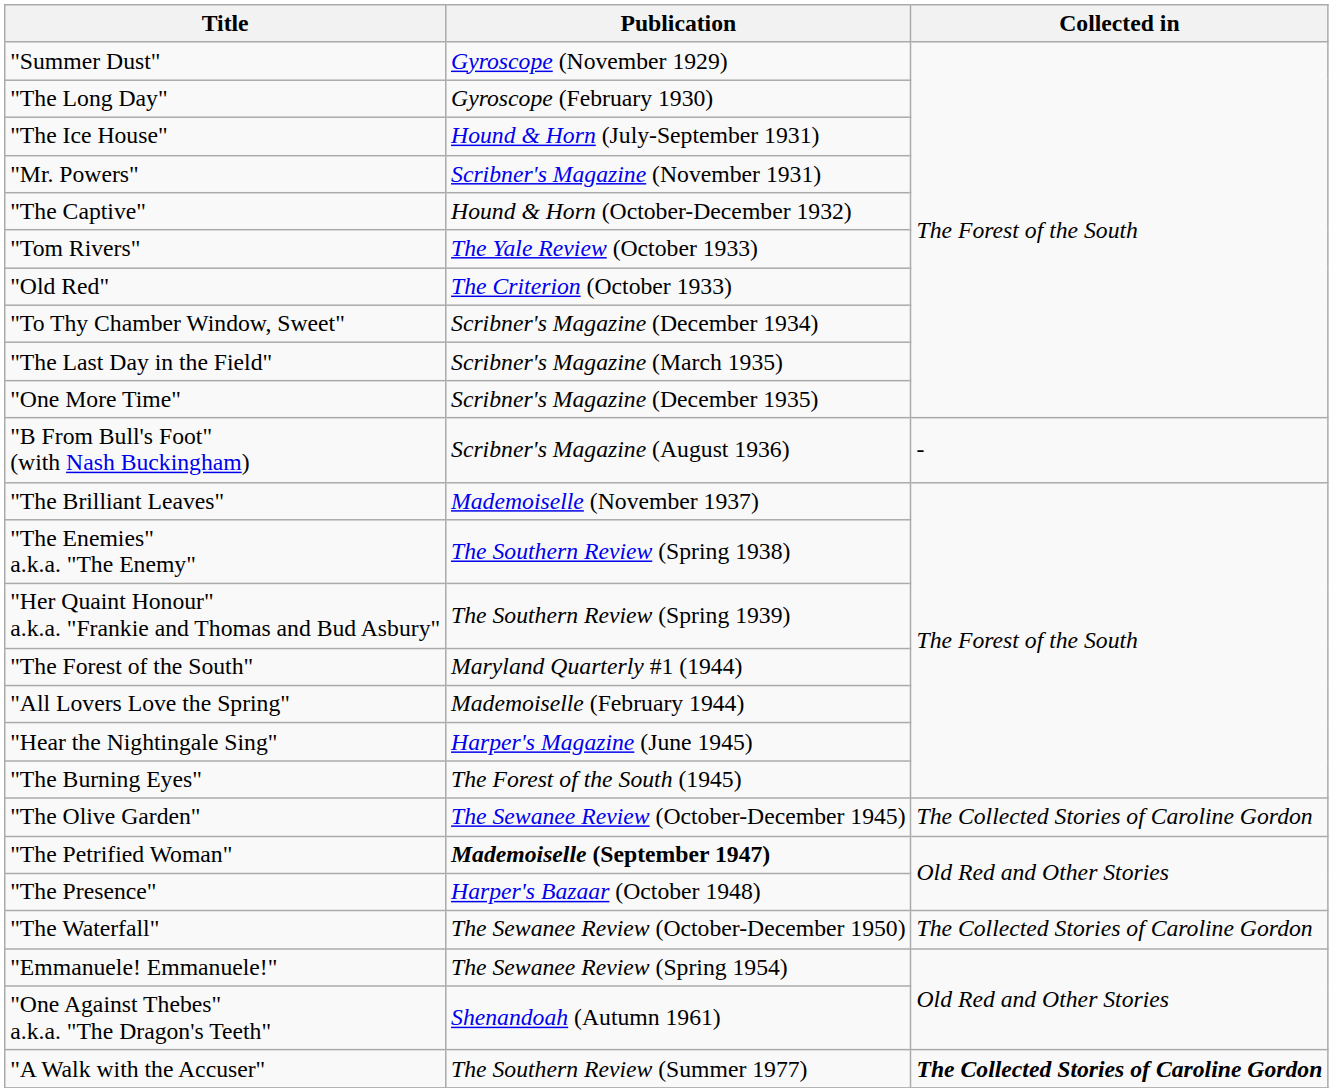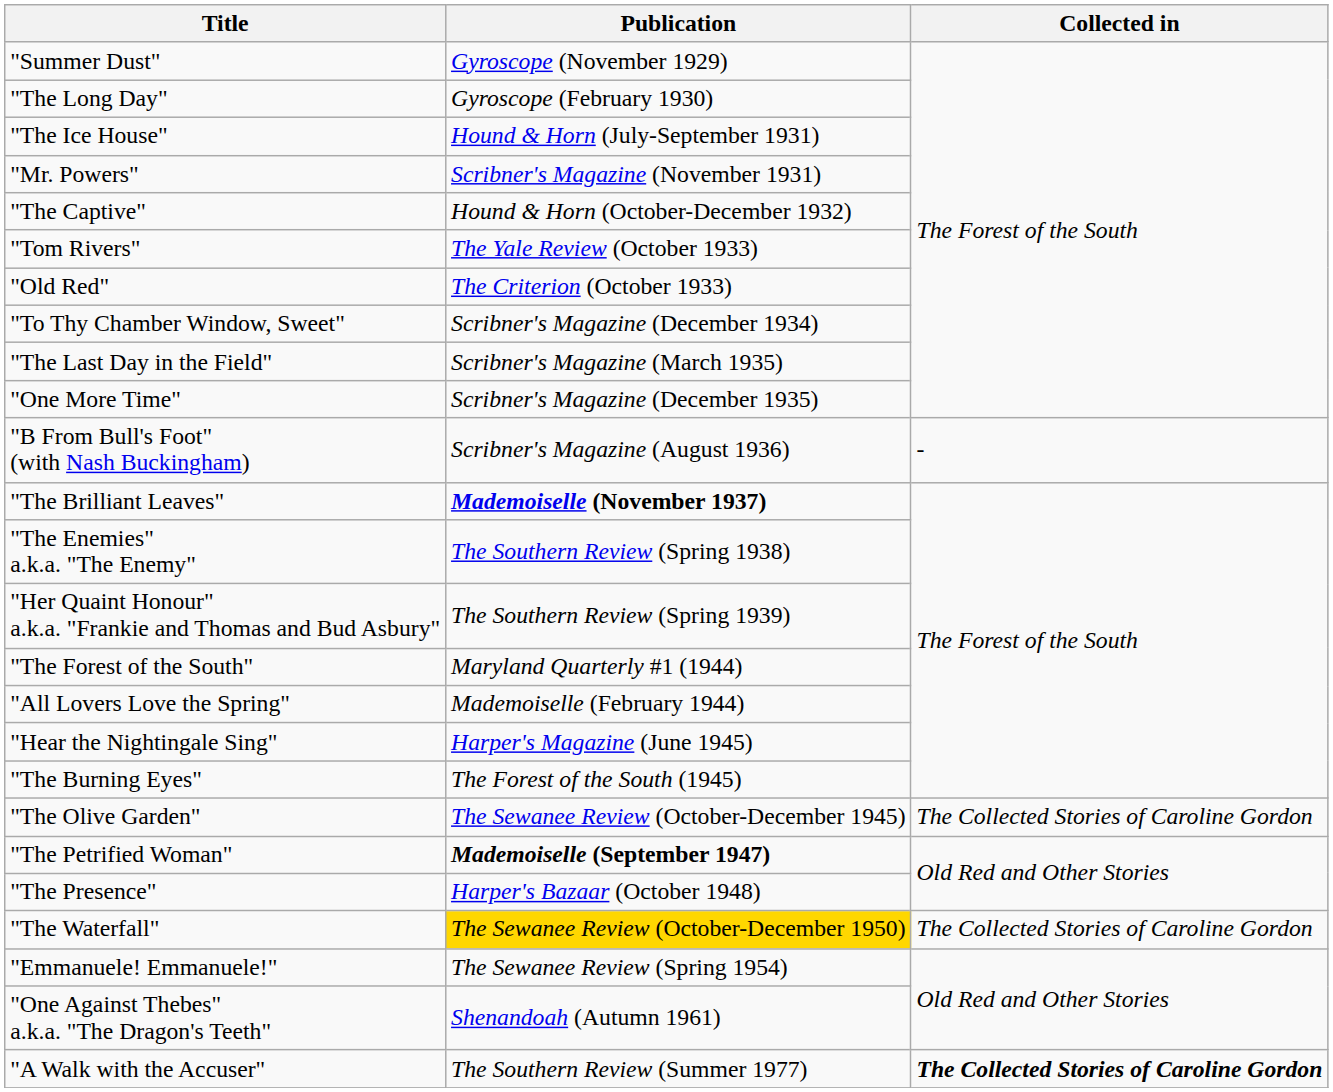 <table class="wikitable">
 <tr>
 <th>Title</th>
 <th>Publication</th>
 <th>Collected in</th>
 </tr>
 <tr>
 <td>"Summer Dust"</td>
 <td><em><a href='#'>Gyroscope</a></em> (November 1929)</td>
 <td rowspan=10><em>The Forest of the South</em></td>
 </tr>
 <tr>
 <td>"The Long Day"</td>
 <td><em>Gyroscope</em> (February 1930)</td>
 </tr>
 <tr>
 <td>"The Ice House"</td>
 <td><em><a href='#'>Hound & Horn</a></em> (July-September 1931)</td>
 </tr>
 <tr>
 <td>"Mr. Powers"</td>
 <td><em><a href='#'>Scribner's Magazine</a></em> (November 1931)</td>
 </tr>
 <tr>
 <td>"The Captive"</td>
 <td><em>Hound & Horn</em> (October-December 1932)</td>
 </tr>
 <tr>
 <td>"Tom Rivers"</td>
 <td><em><a href='#'>The Yale Review</a></em> (October 1933)</td>
 </tr>
 <tr>
 <td>"Old Red"</td>
 <td><em><a href='#'>The Criterion</a></em> (October 1933)</td>
 </tr>
 <tr>
 <td>"To Thy Chamber Window, Sweet"</td>
 <td><em>Scribner's Magazine</em> (December 1934)</td>
 </tr>
 <tr>
 <td>"The Last Day in the Field"</td>
 <td><em>Scribner's Magazine</em> (March 1935)</td>
 </tr>
 <tr>
 <td>"One More Time"</td>
 <td><em>Scribner's Magazine</em> (December 1935)</td>
 </tr>
 <tr>
 <td>"B From Bull's Foot"<br>(with <a href='#'>Nash Buckingham</a>)</td>
 <td><em>Scribner's Magazine</em> (August 1936)</td>
 <td>-</td>
 </tr>
 <tr>
 <td>"The Brilliant Leaves"</td>
-<td><em><a href='#'>Mademoiselle</a></em> (November 1937)</td>
+<td><strong><em><a href='#'>Mademoiselle</a></em> (November 1937)</strong></td>
 <td rowspan=7><em>The Forest of the South</em></td>
 </tr>
 <tr>
 <td>"The Enemies"<br>a.k.a. "The Enemy"</td>
 <td><em><a href='#'>The Southern Review</a></em> (Spring 1938)</td>
 </tr>
 <tr>
 <td>"Her Quaint Honour"<br>a.k.a. "Frankie and Thomas and Bud Asbury"</td>
 <td><em>The Southern Review</em> (Spring 1939)</td>
 </tr>
 <tr>
 <td>"The Forest of the South"</td>
 <td><em>Maryland Quarterly</em> #1 (1944)</td>
 </tr>
 <tr>
 <td>"All Lovers Love the Spring"</td>
 <td><em>Mademoiselle</em> (February 1944)</td>
 </tr>
 <tr>
 <td>"Hear the Nightingale Sing"</td>
 <td><em><a href='#'>Harper's Magazine</a></em> (June 1945)</td>
 </tr>
 <tr>
 <td>"The Burning Eyes"</td>
 <td><em>The Forest of the South</em> (1945)</td>
 </tr>
 <tr>
 <td>"The Olive Garden"</td>
 <td><em><a href='#'>The Sewanee Review</a></em> (October-December 1945)</td>
 <td><em>The Collected Stories of Caroline Gordon</em></td>
 </tr>
 <tr>
 <td>"The Petrified Woman"</td>
 <td><strong><em>Mademoiselle</em> (September 1947)</strong></td>
 <td rowspan=2><em>Old Red and Other Stories</em></td>
 </tr>
 <tr>
 <td>"The Presence"</td>
 <td><em><a href='#'>Harper's Bazaar</a></em> (October 1948)</td>
 </tr>
 <tr>
 <td>"The Waterfall"</td>
-<td><em>The Sewanee Review</em> (October-December 1950)</td>
+<td style="background: gold;"><em>The Sewanee Review</em> (October-December 1950)</td>
 <td><em>The Collected Stories of Caroline Gordon</em></td>
 </tr>
 <tr>
 <td>"Emmanuele! Emmanuele!"</td>
 <td><em>The Sewanee Review</em> (Spring 1954)</td>
 <td rowspan=2><em>Old Red and Other Stories</em></td>
 </tr>
 <tr>
 <td>"One Against Thebes"<br>a.k.a. "The Dragon's Teeth"</td>
 <td><em><a href='#'>Shenandoah</a></em> (Autumn 1961)</td>
 </tr>
 <tr>
 <td>"A Walk with the Accuser"</td>
 <td><em>The Southern Review</em> (Summer 1977)</td>
 <td><strong><em>The Collected Stories of Caroline Gordon</em></strong></td>
 </tr>
 <tr>
 </tr>
 </table>
